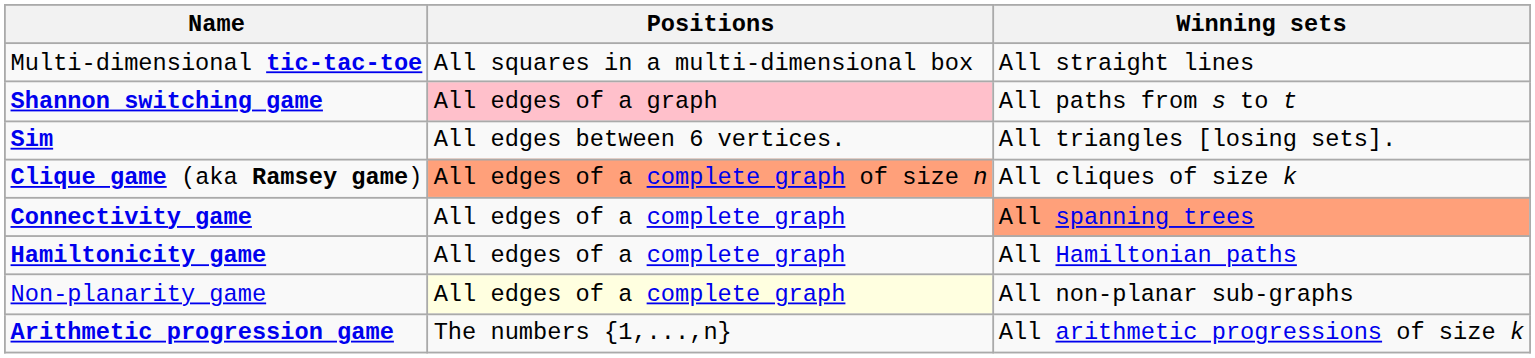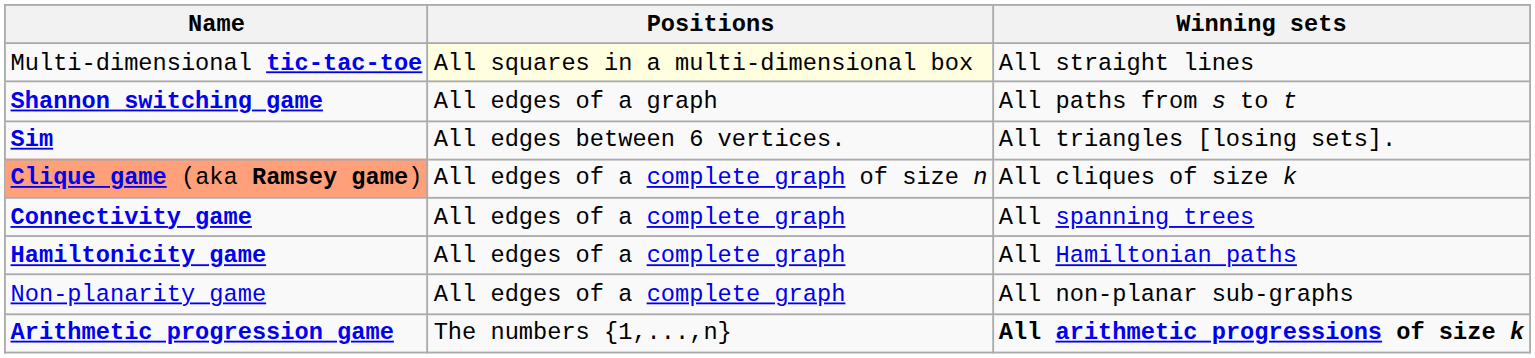 <table class="wikitable">
 <tr>
 <th>Name</th>
 <th>Positions</th>
 <th>Winning sets</th>
 </tr>
 <tr>
 <td>Multi-dimensional <strong><a href='#'>tic-tac-toe</a></strong></td>
-<td>All squares in a multi-dimensional box</td>
+<td style="background: lightyellow;">All squares in a multi-dimensional box</td>
 <td>All straight lines</td>
 </tr>
 <tr>
 <td><strong><a href='#'>Shannon switching game</a></strong></td>
-<td style="background: pink;">All edges of a graph</td>
+<td>All edges of a graph</td>
 <td>All paths from <em>s</em> to <em>t</em></td>
 </tr>
 <tr>
 <td><a href='#'><strong>Sim</strong></a></td>
 <td>All edges between 6 vertices.</td>
 <td>All triangles [losing sets].</td>
 </tr>
 <tr>
-<td><strong><a href='#'>Clique game</a></strong> (aka <strong>Ramsey game</strong>)</td>
-<td style="background: lightsalmon;">All edges of a <a href='#'>complete graph</a> of size <em>n</em></td>
+<td style="background: lightsalmon;"><strong><a href='#'>Clique game</a></strong> (aka <strong>Ramsey game</strong>)</td>
+<td>All edges of a <a href='#'>complete graph</a> of size <em>n</em></td>
 <td>All cliques of size <em>k</em></td>
 </tr>
 <tr>
 <td><strong><a href='#'>Connectivity game</a></strong></td>
 <td>All edges of a <a href='#'>complete graph</a></td>
-<td style="background: lightsalmon;">All <a href='#'>spanning trees</a></td>
+<td>All <a href='#'>spanning trees</a></td>
 </tr>
 <tr>
 <td><strong><a href='#'>Hamiltonicity game</a></strong></td>
 <td>All edges of a <a href='#'>complete graph</a></td>
 <td>All <a href='#'>Hamiltonian paths</a></td>
 </tr>
 <tr>
 <td><a href='#'>Non-planarity game</a></td>
-<td style="background: lightyellow;">All edges of a <a href='#'>complete graph</a></td>
+<td>All edges of a <a href='#'>complete graph</a></td>
 <td>All non-planar sub-graphs</td>
 </tr>
 <tr>
 <td><strong><a href='#'>Arithmetic progression game</a></strong></td>
 <td>The numbers {1,...,n}</td>
-<td>All <a href='#'>arithmetic progressions</a> of size <em>k</em></td>
+<td><strong>All <a href='#'>arithmetic progressions</a> of size <em>k</em></strong></td>
 </tr>
 </table>
